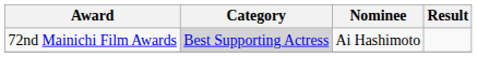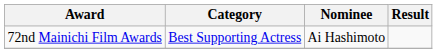 <table class="wikitable sortable">
 <tr>
 <th>Award</th>
 <th>Category</th>
 <th>Nominee</th>
 <th>Result</th>
 </tr>
 <tr>
 <td>72nd <a href='#'>Mainichi Film Awards</a></td>
-<td style="background: lightgrey;"><a href='#'>Best Supporting Actress</a></td>
+<td><a href='#'>Best Supporting Actress</a></td>
 <td>Ai Hashimoto</td>
 <td></td>
 </tr>
 <tr>
 </tr>
 </table>
